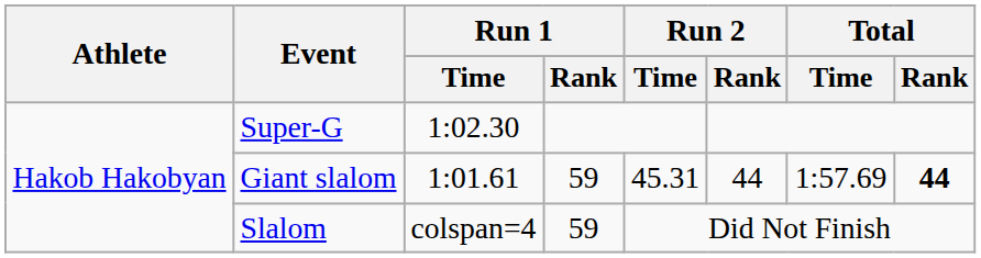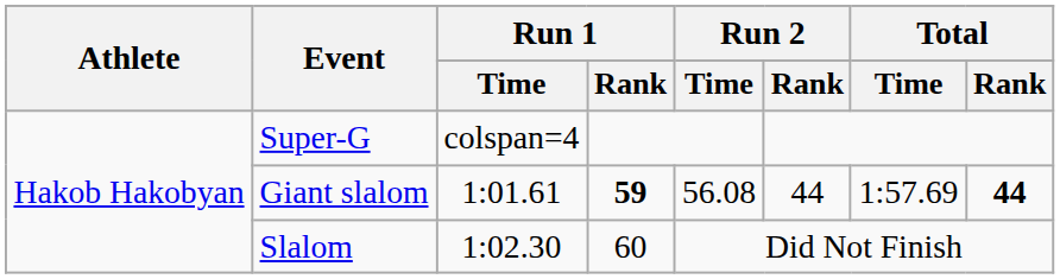 <table class="wikitable" style="font-size:90%">
 <tr>
 <th rowspan=2>Athlete</th>
 <th rowspan=2>Event</th>
 <th colspan=2>Run 1</th>
 <th colspan=2>Run 2</th>
 <th colspan=2>Total</th>
 </tr>
 <tr style="font-size:95%">
 <th>Time</th>
 <th>Rank</th>
 <th>Time</th>
 <th>Rank</th>
 <th>Time</th>
 <th>Rank</th>
 </tr>
 <tr align=center>
 <td align="left" rowspan="3"><a href='#'>Hakob Hakobyan</a></td>
 <td align="left"><a href='#'>Super-G</a></td>
-<td>1:02.30</td>
+<td>colspan=4</td>
 <td colspan=2></td>
 </tr>
 <tr align=center>
 <td align="left"><a href='#'>Giant slalom</a></td>
 <td>1:01.61</td>
-<td>59</td>
-<td>45.31</td>
+<td><strong>59</strong></td>
+<td>56.08</td>
 <td>44</td>
 <td>1:57.69</td>
 <td><strong>44</strong></td>
 </tr>
 <tr align=center>
 <td align="left"><a href='#'>Slalom</a></td>
-<td>colspan=4</td>
-<td>59</td>
+<td>1:02.30</td>
+<td>60</td>
 <td colspan="4">Did Not Finish</td>
 </tr>
 </table>
